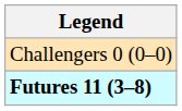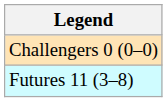 <table class=wikitable style=font-size:97%>
 <tr>
 <th>Legend</th>
 </tr>
 <tr style="background:moccasin;">
 <td>Challengers 0 (0–0)</td>
 </tr>
 <tr style="background:#cffcff;">
-<td><strong>Futures 11 (3–8)</strong></td>
+<td>Futures 11 (3–8)</td>
 </tr>
 </table>
